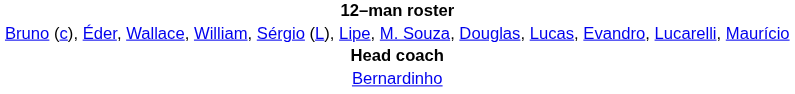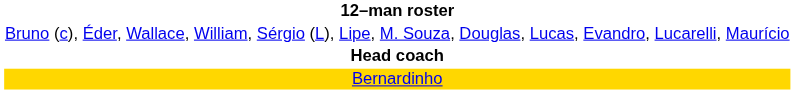 <table style="text-align:center; margin-top:2em; margin-left:auto; margin-right:auto">
 <tr>
 <td><strong>12–man roster</strong></td>
 </tr>
 <tr>
 <td><a href='#'>Bruno</a> (<a href='#'>c</a>), <a href='#'>Éder</a>, <a href='#'>Wallace</a>, <a href='#'>William</a>, <a href='#'>Sérgio</a> (<a href='#'>L</a>), <a href='#'>Lipe</a>, <a href='#'>M. Souza</a>, <a href='#'>Douglas</a>, <a href='#'>Lucas</a>, <a href='#'>Evandro</a>, <a href='#'>Lucarelli</a>, <a href='#'>Maurício</a></td>
 </tr>
 <tr>
 <td><strong>Head coach</strong></td>
 </tr>
 <tr>
-<td><a href='#'>Bernardinho</a></td>
+<td style="background: gold;"><a href='#'>Bernardinho</a></td>
 </tr>
 </table>
